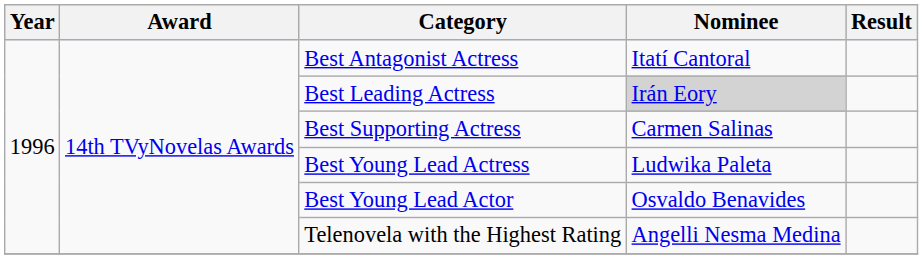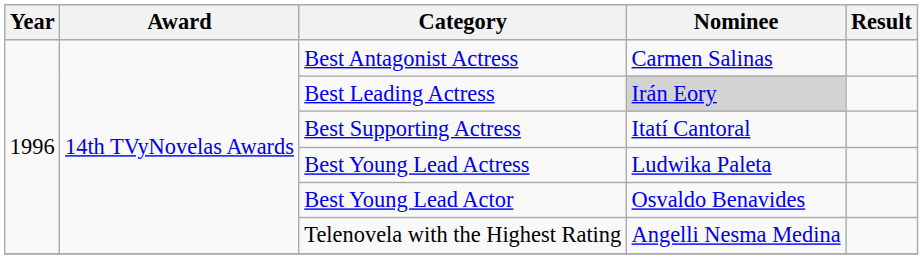 <table class="wikitable">
 <tr style="background:#b0c4de;">
 <th>Year</th>
 <th>Award</th>
 <th>Category</th>
 <th>Nominee</th>
 <th>Result</th>
 </tr>
 <tr>
 <td rowspan=6>1996</td>
 <td rowspan=6><a href='#'>14th TVyNovelas Awards</a></td>
 <td><a href='#'>Best Antagonist Actress</a></td>
-<td><a href='#'>Itatí Cantoral</a></td>
+<td><a href='#'>Carmen Salinas</a></td>
 <td></td>
 </tr>
 <tr>
 <td><a href='#'>Best Leading Actress</a></td>
 <td style="background: lightgrey;"><a href='#'>Irán Eory</a></td>
 <td></td>
 </tr>
 <tr>
 <td><a href='#'>Best Supporting Actress</a></td>
-<td><a href='#'>Carmen Salinas</a></td>
+<td><a href='#'>Itatí Cantoral</a></td>
 <td></td>
 </tr>
 <tr>
 <td><a href='#'>Best Young Lead Actress</a></td>
 <td><a href='#'>Ludwika Paleta</a></td>
 <td></td>
 </tr>
 <tr>
 <td><a href='#'>Best Young Lead Actor</a></td>
 <td><a href='#'>Osvaldo Benavides</a></td>
 <td></td>
 </tr>
 <tr>
 <td>Telenovela with the Highest Rating</td>
 <td><a href='#'>Angelli Nesma Medina</a></td>
 <td></td>
 </tr>
 <tr>
 </tr>
 </table>
